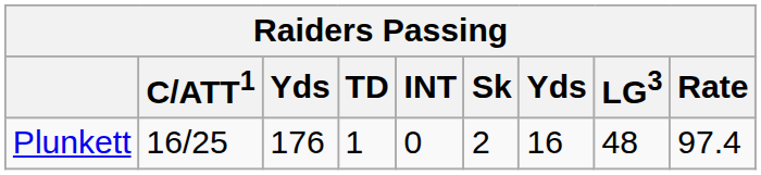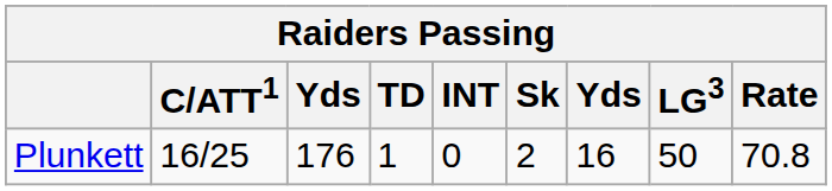 <table class="wikitable">
 <tr>
 <th colspan="9">Raiders Passing</th>
 </tr>
 <tr>
 <th></th>
 <th>C/ATT<sup>1</sup></th>
 <th>Yds</th>
 <th>TD</th>
 <th>INT</th>
 <th>Sk</th>
 <th>Yds</th>
 <th>LG<sup>3</sup></th>
 <th>Rate</th>
 </tr>
 <tr>
 <td><a href='#'>Plunkett</a></td>
 <td>16/25</td>
 <td>176</td>
 <td>1</td>
 <td>0</td>
 <td>2</td>
 <td>16</td>
-<td>48</td>
-<td>97.4</td>
+<td>50</td>
+<td>70.8</td>
 </tr>
 </table>
